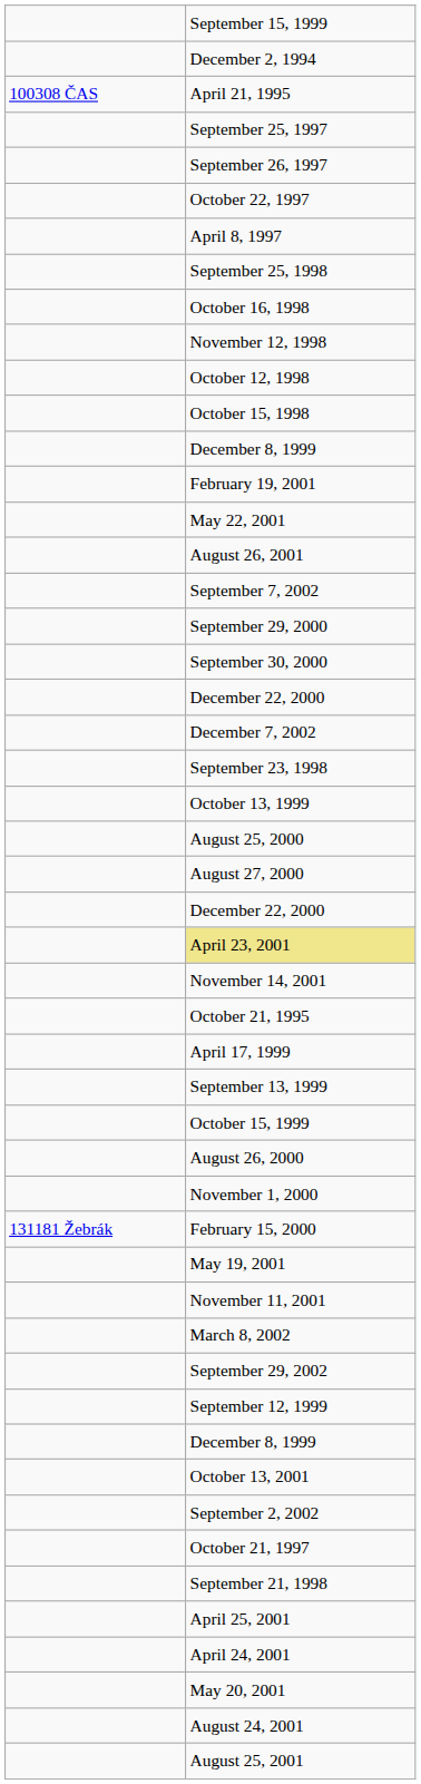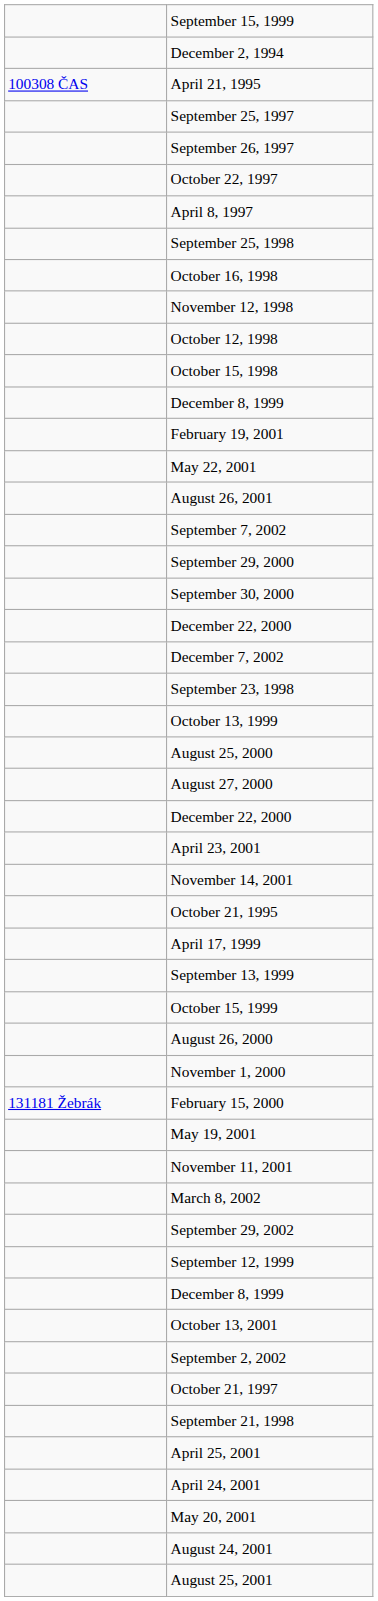 <table class="wikitable" style="font-size: 89%; float: left; width: 24em; margin-right: 1em; line-height: 1.6em !important; height: 1250px;">
 <tr>
 <td> </td>
 <td>September 15, 1999</td>
 </tr>
 <tr>
 <td></td>
 <td>December 2, 1994</td>
 </tr>
 <tr>
 <td><a href='#'>100308 ČAS</a> </td>
 <td>April 21, 1995</td>
 </tr>
 <tr>
 <td></td>
 <td>September 25, 1997</td>
 </tr>
 <tr>
 <td></td>
 <td>September 26, 1997</td>
 </tr>
 <tr>
 <td></td>
 <td>October 22, 1997</td>
 </tr>
 <tr>
 <td></td>
 <td>April 8, 1997</td>
 </tr>
 <tr>
 <td></td>
 <td>September 25, 1998</td>
 </tr>
 <tr>
 <td></td>
 <td>October 16, 1998</td>
 </tr>
 <tr>
 <td></td>
 <td>November 12, 1998</td>
 </tr>
 <tr>
 <td> </td>
 <td>October 12, 1998</td>
 </tr>
 <tr>
 <td> </td>
 <td>October 15, 1998</td>
 </tr>
 <tr>
 <td> </td>
 <td>December 8, 1999</td>
 </tr>
 <tr>
 <td> </td>
 <td>February 19, 2001</td>
 </tr>
 <tr>
 <td> </td>
 <td>May 22, 2001</td>
 </tr>
 <tr>
 <td> </td>
 <td>August 26, 2001</td>
 </tr>
 <tr>
 <td> </td>
 <td>September 7, 2002</td>
 </tr>
 <tr>
 <td> </td>
 <td>September 29, 2000</td>
 </tr>
 <tr>
 <td> </td>
 <td>September 30, 2000</td>
 </tr>
 <tr>
 <td> </td>
 <td>December 22, 2000</td>
 </tr>
 <tr>
 <td> </td>
 <td>December 7, 2002</td>
 </tr>
 <tr>
 <td></td>
 <td>September 23, 1998</td>
 </tr>
 <tr>
 <td> </td>
 <td>October 13, 1999</td>
 </tr>
 <tr>
 <td> </td>
 <td>August 25, 2000</td>
 </tr>
 <tr>
 <td> </td>
 <td>August 27, 2000</td>
 </tr>
 <tr>
 <td> </td>
 <td>December 22, 2000</td>
 </tr>
 <tr>
 <td> </td>
-<td style="background: khaki;">April 23, 2001</td>
+<td>April 23, 2001</td>
 </tr>
 <tr>
 <td> </td>
 <td>November 14, 2001</td>
 </tr>
 <tr>
 <td></td>
 <td>October 21, 1995</td>
 </tr>
 <tr>
 <td></td>
 <td>April 17, 1999</td>
 </tr>
 <tr>
 <td> </td>
 <td>September 13, 1999</td>
 </tr>
 <tr>
 <td> </td>
 <td>October 15, 1999</td>
 </tr>
 <tr>
 <td> </td>
 <td>August 26, 2000</td>
 </tr>
 <tr>
 <td> </td>
 <td>November 1, 2000</td>
 </tr>
 <tr>
 <td><a href='#'>131181 Žebrák</a> </td>
 <td>February 15, 2000</td>
 </tr>
 <tr>
 <td> </td>
 <td>May 19, 2001</td>
 </tr>
 <tr>
 <td> </td>
 <td>November 11, 2001</td>
 </tr>
 <tr>
 <td> </td>
 <td>March 8, 2002</td>
 </tr>
 <tr>
 <td></td>
 <td>September 29, 2002</td>
 </tr>
 <tr>
 <td> </td>
 <td>September 12, 1999</td>
 </tr>
 <tr>
 <td> </td>
 <td>December 8, 1999</td>
 </tr>
 <tr>
 <td> </td>
 <td>October 13, 2001</td>
 </tr>
 <tr>
 <td> </td>
 <td>September 2, 2002</td>
 </tr>
 <tr>
 <td></td>
 <td>October 21, 1997</td>
 </tr>
 <tr>
 <td></td>
 <td>September 21, 1998</td>
 </tr>
 <tr>
 <td> </td>
 <td>April 25, 2001</td>
 </tr>
 <tr>
 <td></td>
 <td>April 24, 2001</td>
 </tr>
 <tr>
 <td> </td>
 <td>May 20, 2001</td>
 </tr>
 <tr>
 <td> </td>
 <td>August 24, 2001</td>
 </tr>
 <tr>
 <td> </td>
 <td>August 25, 2001</td>
 </tr>
 </table>
